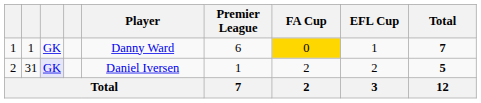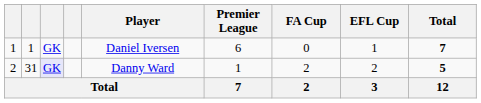 <table class="wikitable sortable" style="text-align:center">
 <tr>
 <th width=15></th>
 <th width=15></th>
 <th width=15></th>
 <th width=15></th>
 <th width=150>Player</th>
 <th width=80>Premier League</th>
 <th width=80>FA Cup</th>
 <th width=80>EFL Cup</th>
 <th width=80>Total</th>
 </tr>
 <tr>
 <td>1</td>
 <td>1</td>
 <td><a href='#'>GK</a></td>
 <td></td>
-<td><a href='#'>Danny Ward</a></td>
+<td><a href='#'>Daniel Iversen</a></td>
 <td>6</td>
-<td style="background: gold;">0</td>
+<td>0</td>
 <td>1</td>
 <td><strong>7</strong></td>
 </tr>
 <tr>
 <td>2</td>
 <td>31</td>
 <td style="background: lavender;"><a href='#'>GK</a></td>
 <td></td>
-<td><a href='#'>Daniel Iversen</a></td>
+<td><a href='#'>Danny Ward</a></td>
 <td>1</td>
 <td>2</td>
 <td>2</td>
 <td><strong>5</strong></td>
 </tr>
 <tr>
 <th colspan="5">Total</th>
 <th>7</th>
 <th>2</th>
 <th>3</th>
 <th>12</th>
 </tr>
 </table>
